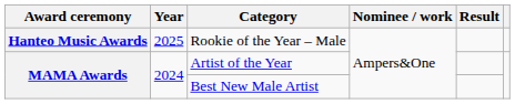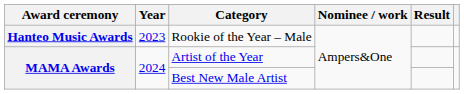 <table class="wikitable plainrowheaders sortable">
 <tr>
 <th scope="col">Award ceremony</th>
 <th scope="col">Year</th>
 <th scope="col">Category</th>
 <th scope="col">Nominee / work</th>
 <th scope="col">Result</th>
 <th scope="col" class="unsortable"></th>
 </tr>
 <tr>
 <th scope="row"><a href='#'>Hanteo Music Awards</a></th>
-<td style="text-align:center"><a href='#'>2025</a></td>
+<td style="text-align:center"><a href='#'>2023</a></td>
 <td>Rookie of the Year – Male</td>
 <td rowspan="3">Ampers&One</td>
 <td></td>
 <td style="text-align:center"></td>
 </tr>
 <tr>
 <th scope="row" rowspan="2"><a href='#'>MAMA Awards</a></th>
 <td rowspan="2" style="text-align:center"><a href='#'>2024</a></td>
 <td><a href='#'>Artist of the Year</a></td>
 <td></td>
 <td rowspan="2" style="text-align:center"></td>
 </tr>
 <tr>
 <td><a href='#'>Best New Male Artist</a></td>
 <td></td>
 </tr>
 </table>
